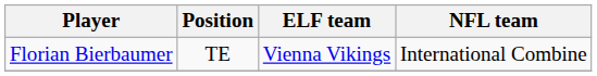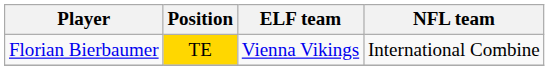 <table class="wikitable sortable" style="text-align:center;">
 <tr>
 <th>Player</th>
 <th>Position</th>
 <th>ELF team</th>
 <th>NFL team</th>
 </tr>
 <tr>
 <td><a href='#'>Florian Bierbaumer</a></td>
-<td>TE</td>
+<td style="background: gold;">TE</td>
 <td><a href='#'>Vienna Vikings</a></td>
 <td>International Combine</td>
 </tr>
 <tr>
 </tr>
 </table>
